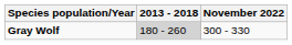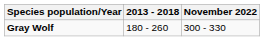 <table class="wikitable" style="margin-left: auto; margin-right: auto; border: none;">
 <tr>
 <th>Species population/Year</th>
 <th>2013 - 2018</th>
 <th>November 2022</th>
 </tr>
 <tr>
 <td><strong>Gray Wolf</strong></td>
-<td style="background: lightgrey;">180 - 260</td>
+<td>180 - 260</td>
 <td>300 - 330</td>
 </tr>
 <tr>
 </tr>
 </table>
